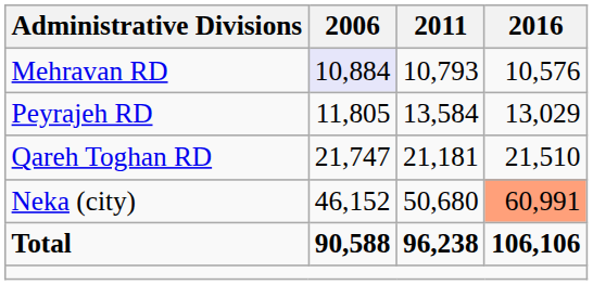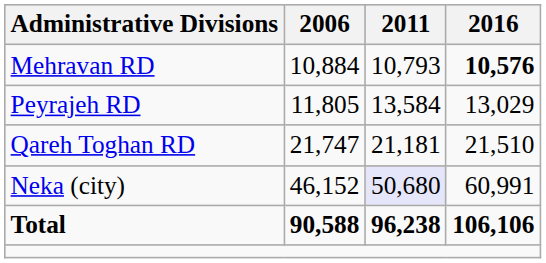 <table class="wikitable">
 <tr>
 <th>Administrative Divisions</th>
 <th>2006</th>
 <th>2011</th>
 <th>2016</th>
 </tr>
 <tr>
 <td><a href='#'>Mehravan RD</a></td>
-<td style="background: lavender; text-align: right;">10,884</td>
+<td style="text-align: right;">10,884</td>
 <td style="text-align: right;">10,793</td>
-<td style="text-align: right;">10,576</td>
+<td style="text-align: right;"><strong>10,576</strong></td>
 </tr>
 <tr>
 <td><a href='#'>Peyrajeh RD</a></td>
 <td style="text-align: right;">11,805</td>
 <td style="text-align: right;">13,584</td>
 <td style="text-align: right;">13,029</td>
 </tr>
 <tr>
 <td><a href='#'>Qareh Toghan RD</a></td>
 <td style="text-align: right;">21,747</td>
 <td style="text-align: right;">21,181</td>
 <td style="text-align: right;">21,510</td>
 </tr>
 <tr>
 <td><a href='#'>Neka</a> (city)</td>
 <td style="text-align: right;">46,152</td>
-<td style="text-align: right;">50,680</td>
-<td style="background: lightsalmon; text-align: right;">60,991</td>
+<td style="background: lavender; text-align: right;">50,680</td>
+<td style="text-align: right;">60,991</td>
 </tr>
 <tr>
 <td><strong>Total</strong></td>
 <td style="text-align: right;"><strong>90,588</strong></td>
 <td style="text-align: right;"><strong>96,238</strong></td>
 <td style="text-align: right;"><strong>106,106</strong></td>
 </tr>
 <tr>
 <td colspan=4></td>
 </tr>
 </table>
